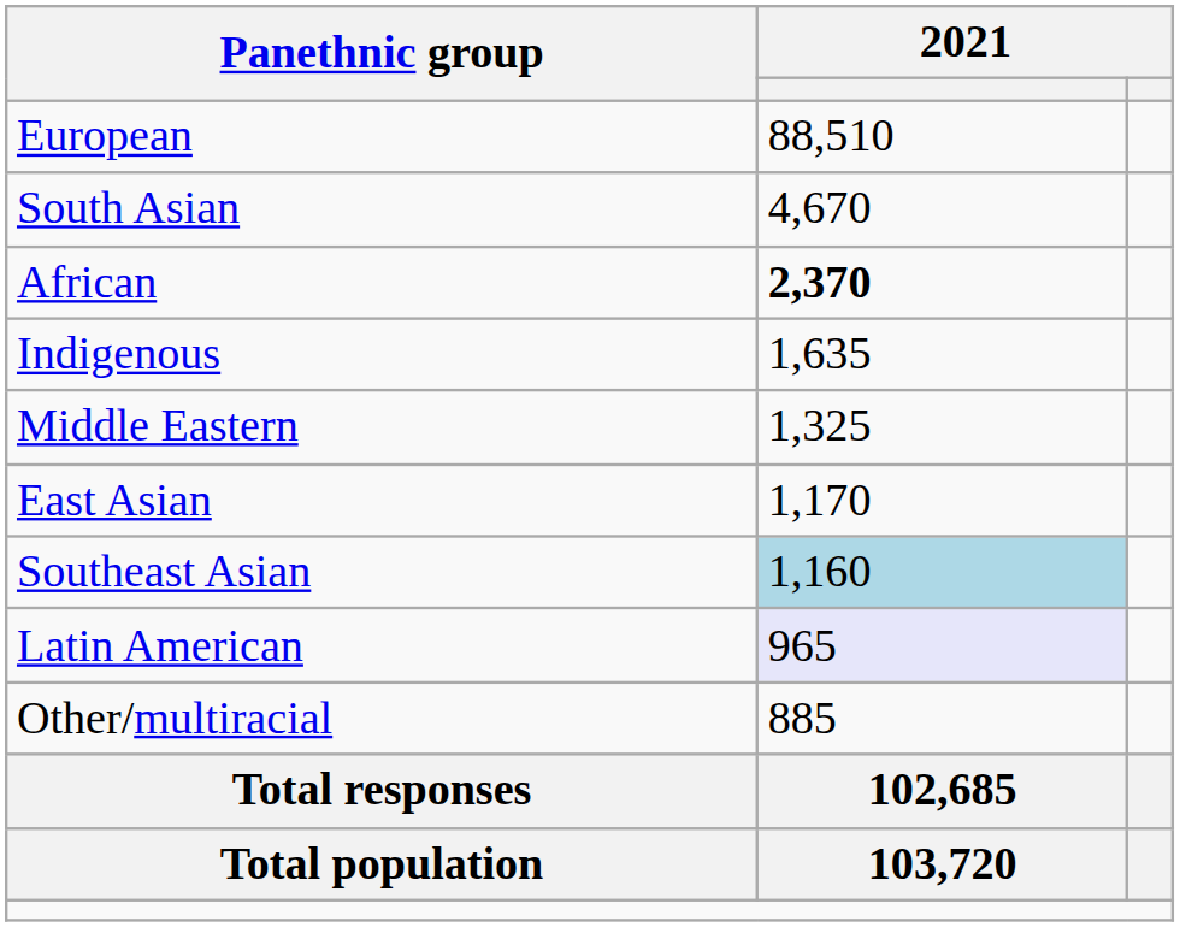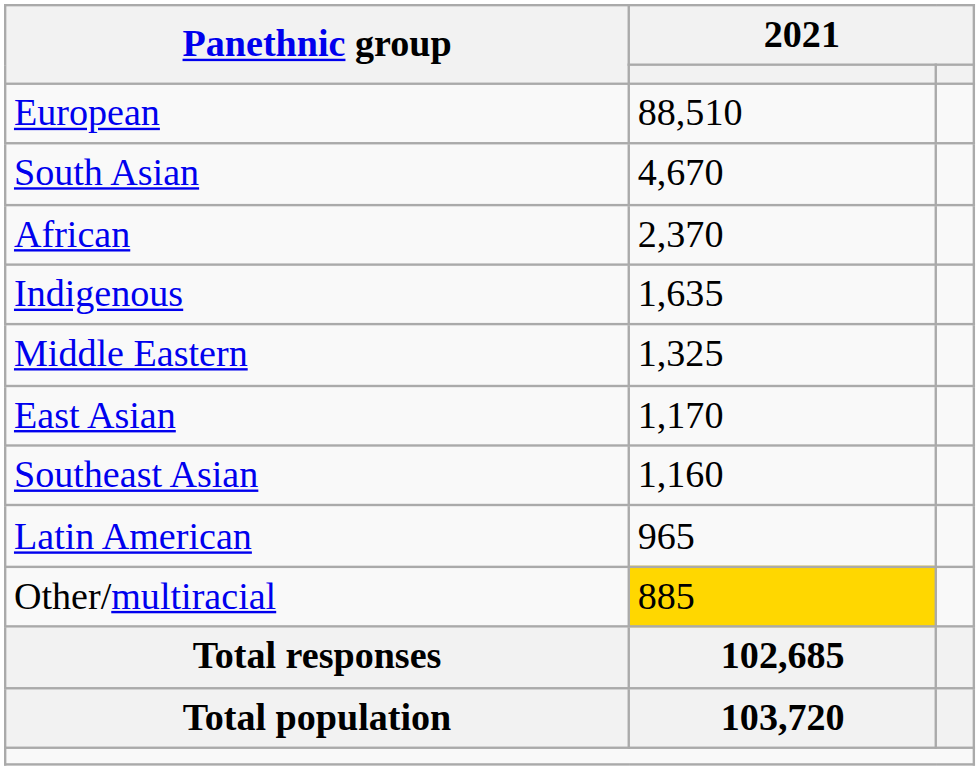 <table class="wikitable collapsible sortable">
 <tr>
 <th rowspan="2"><a href='#'>Panethnic</a> group</th>
 <th colspan="2">2021</th>
 </tr>
 <tr>
 <th><a href='#'></a></th>
 <th></th>
 </tr>
 <tr>
 <td><a href='#'>European</a></td>
 <td>88,510</td>
 <td></td>
 </tr>
 <tr>
 <td><a href='#'>South Asian</a></td>
 <td>4,670</td>
 <td></td>
 </tr>
 <tr>
 <td><a href='#'>African</a></td>
-<td><strong>2,370</strong></td>
+<td>2,370</td>
 <td></td>
 </tr>
 <tr>
 <td><a href='#'>Indigenous</a></td>
 <td>1,635</td>
 <td></td>
 </tr>
 <tr>
 <td><a href='#'>Middle Eastern</a></td>
 <td>1,325</td>
 <td></td>
 </tr>
 <tr>
 <td><a href='#'>East Asian</a></td>
 <td>1,170</td>
 <td></td>
 </tr>
 <tr>
 <td><a href='#'>Southeast Asian</a></td>
-<td style="background: lightblue;">1,160</td>
+<td>1,160</td>
 <td></td>
 </tr>
 <tr>
 <td><a href='#'>Latin American</a></td>
-<td style="background: lavender;">965</td>
+<td>965</td>
 <td></td>
 </tr>
 <tr>
 <td>Other/<a href='#'>multiracial</a></td>
-<td>885</td>
+<td style="background: gold;">885</td>
 <td></td>
 </tr>
 <tr>
 <th>Total responses</th>
 <th>102,685</th>
 <th></th>
 </tr>
 <tr class="sortbottom">
 <th>Total population</th>
 <th>103,720</th>
 <th></th>
 </tr>
 <tr class="sortbottom">
 <td colspan="15" style="width: 25em;"></td>
 </tr>
 </table>
